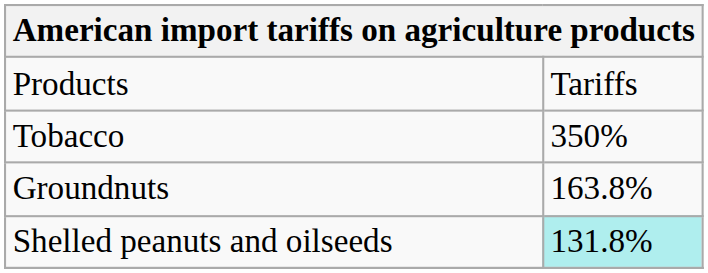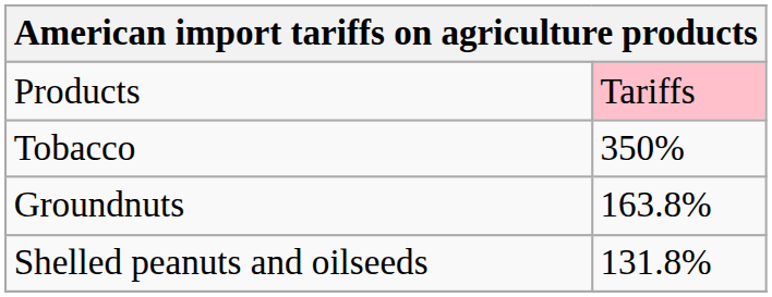 <table class="wikitable">
 <tr>
 <th colspan="4">American import tariffs on agriculture products</th>
 </tr>
 <tr>
 <td>Products</td>
-<td>Tariffs</td>
+<td style="background: pink;">Tariffs</td>
 </tr>
 <tr>
 <td>Tobacco</td>
 <td>350%</td>
 </tr>
 <tr>
 <td>Groundnuts</td>
 <td>163.8%</td>
 </tr>
 <tr>
 <td>Shelled peanuts and oilseeds</td>
-<td style="background: paleturquoise;">131.8%</td>
+<td>131.8%</td>
 </tr>
 <tr>
 </tr>
 </table>
